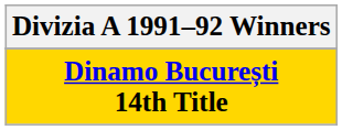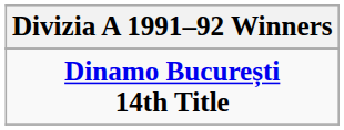 <table class="wikitable" style="text-align: center; margin: 0 auto;">
 <tr>
 <th>Divizia A 1991–92 Winners</th>
 </tr>
 <tr>
 </tr>
 <tr>
-<td style="background: gold;"><strong><a href='#'>Dinamo București</a></strong><br><strong>14th Title</strong></td>
+<td><strong><a href='#'>Dinamo București</a></strong><br><strong>14th Title</strong></td>
 </tr>
 </table>
